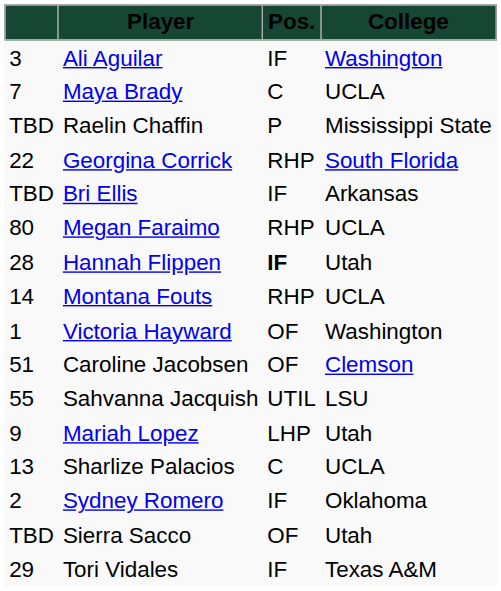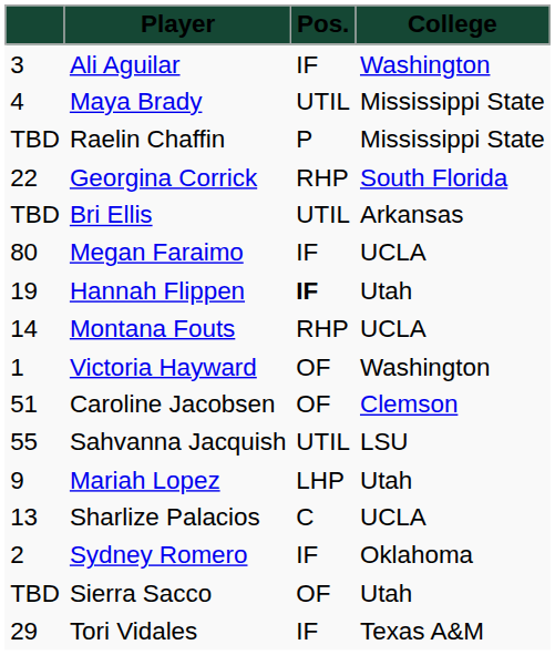 <table class="wikitable" style="border:none;">
 <tr>
 <th style="background:#154734; color:#000; "></th>
 <th style="background:#154734; color:#000; ">Player</th>
 <th style="background:#154734; color:#000; ">Pos.</th>
 <th style="background:#154734; color:#000; ">College</th>
 </tr>
 <tr>
 <td style="border:none">3</td>
 <td style="border:none; text-align:left"><a href='#'>Ali Aguilar</a></td>
 <td style="border:none">IF</td>
 <td style="border:none; text-align:left"><a href='#'>Washington</a></td>
 </tr>
 <tr>
-<td style="border:none">7</td>
+<td style="border:none">4</td>
 <td style="border:none; text-align:left"><a href='#'>Maya Brady</a></td>
-<td style="border:none">C</td>
-<td style="border:none; text-align:left">UCLA</td>
+<td style="border:none">UTIL</td>
+<td style="border:none; text-align:left">Mississippi State</td>
 </tr>
 <tr>
 <td style="border:none">TBD</td>
 <td style="border:none; text-align:left">Raelin Chaffin</td>
 <td style="border:none">P</td>
 <td style="border:none; text-align:left">Mississippi State</td>
 </tr>
 <tr>
 <td style="border:none">22</td>
 <td style="border:none; text-align:left"><a href='#'>Georgina Corrick</a></td>
 <td style="border:none">RHP</td>
 <td style="border:none; text-align:left"><a href='#'>South Florida</a></td>
 </tr>
 <tr>
 <td style="border:none">TBD</td>
 <td style="border:none; text-align:left"><a href='#'>Bri Ellis</a></td>
-<td style="border:none">IF</td>
+<td style="border:none">UTIL</td>
 <td style="border:none; text-align:left">Arkansas</td>
 </tr>
 <tr>
 <td style="border:none">80</td>
 <td style="border:none; text-align:left"><a href='#'>Megan Faraimo</a></td>
-<td style="border:none">RHP</td>
+<td style="border:none">IF</td>
 <td style="border:none; text-align:left">UCLA</td>
 </tr>
 <tr>
-<td style="border:none">28</td>
+<td style="border:none">19</td>
 <td style="border:none; text-align:left"><a href='#'>Hannah Flippen</a></td>
 <td style="border:none"><strong>IF</strong></td>
 <td style="border:none; text-align:left">Utah</td>
 </tr>
 <tr>
 <td style="border:none">14</td>
 <td style="border:none; text-align:left"><a href='#'>Montana Fouts</a></td>
 <td style="border:none">RHP</td>
 <td style="border:none; text-align:left">UCLA</td>
 </tr>
 <tr>
 <td style="border:none">1</td>
 <td style="border:none; text-align:left"><a href='#'>Victoria Hayward</a></td>
 <td style="border:none">OF</td>
 <td style="border:none; text-align:left">Washington</td>
 </tr>
 <tr>
 <td style="border:none">51</td>
 <td style="border:none; text-align:left">Caroline Jacobsen</td>
 <td style="border:none">OF</td>
 <td style="border:none; text-align:left"><a href='#'>Clemson</a></td>
 </tr>
 <tr>
 <td style="border:none">55</td>
 <td style="border:none; text-align:left">Sahvanna Jacquish</td>
 <td style="border:none">UTIL</td>
 <td style="border:none; text-align:left">LSU</td>
 </tr>
 <tr>
 <td style="border:none">9</td>
 <td style="border:none; text-align:left"><a href='#'>Mariah Lopez</a></td>
 <td style="border:none">LHP</td>
 <td style="border:none; text-align:left">Utah</td>
 </tr>
 <tr>
 <td style="border:none">13</td>
 <td style="border:none; text-align:left">Sharlize Palacios</td>
 <td style="border:none">C</td>
 <td style="border:none; text-align:left">UCLA</td>
 </tr>
 <tr>
 <td style="border:none">2</td>
 <td style="border:none; text-align:left"><a href='#'>Sydney Romero</a></td>
 <td style="border:none">IF</td>
 <td style="border:none; text-align:left">Oklahoma</td>
 </tr>
 <tr>
 <td style="border:none">TBD</td>
 <td style="border:none; text-align:left">Sierra Sacco</td>
 <td style="border:none">OF</td>
 <td style="border:none; text-align:left">Utah</td>
 </tr>
 <tr>
 <td style="border:none">29</td>
 <td style="border:none; text-align:left">Tori Vidales</td>
 <td style="border:none">IF</td>
 <td style="border:none; text-align:left">Texas A&M</td>
 </tr>
 </table>
